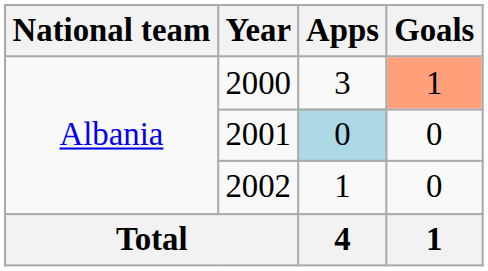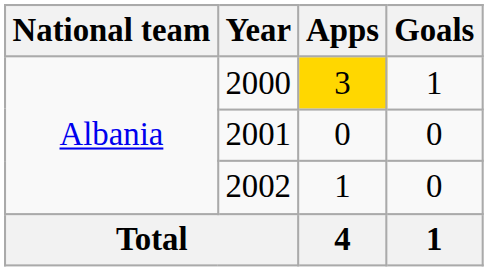 <table class=wikitable style="text-align: center;">
 <tr>
 <th>National team</th>
 <th>Year</th>
 <th>Apps</th>
 <th>Goals</th>
 </tr>
 <tr>
 <td rowspan=3><a href='#'>Albania</a></td>
 <td>2000</td>
-<td>3</td>
-<td style="background: lightsalmon;">1</td>
+<td style="background: gold;">3</td>
+<td>1</td>
 </tr>
 <tr>
 <td>2001</td>
-<td style="background: lightblue;">0</td>
+<td>0</td>
 <td>0</td>
 </tr>
 <tr>
 <td>2002</td>
 <td>1</td>
 <td>0</td>
 </tr>
 <tr>
 <th colspan=2>Total</th>
 <th>4</th>
 <th>1</th>
 </tr>
 </table>
